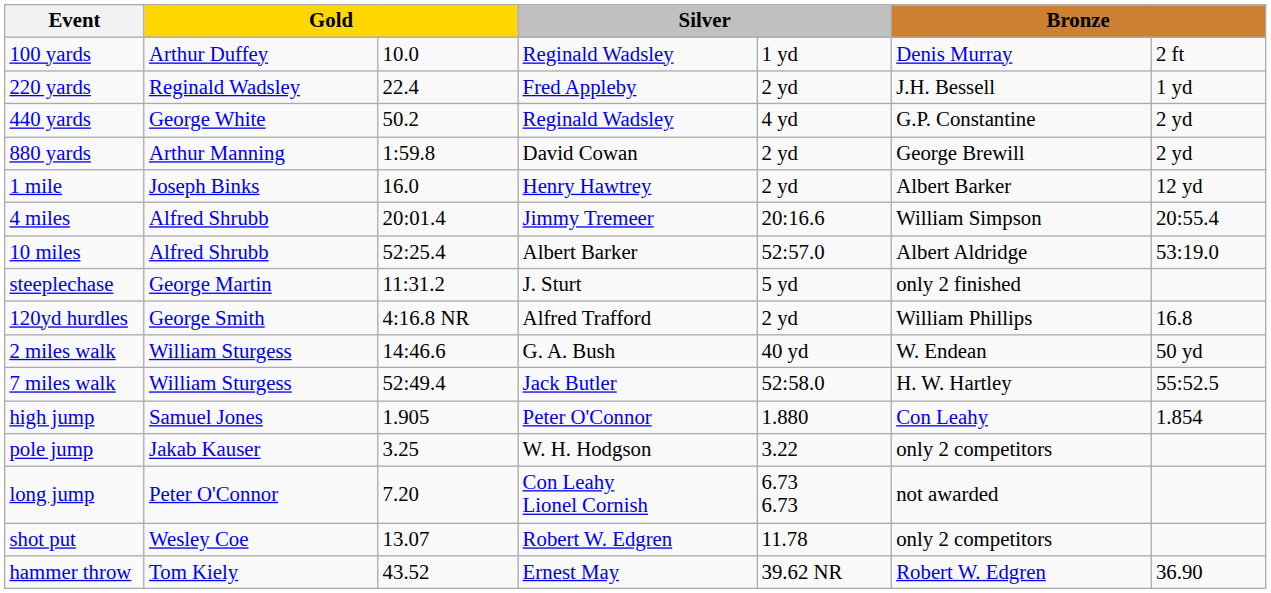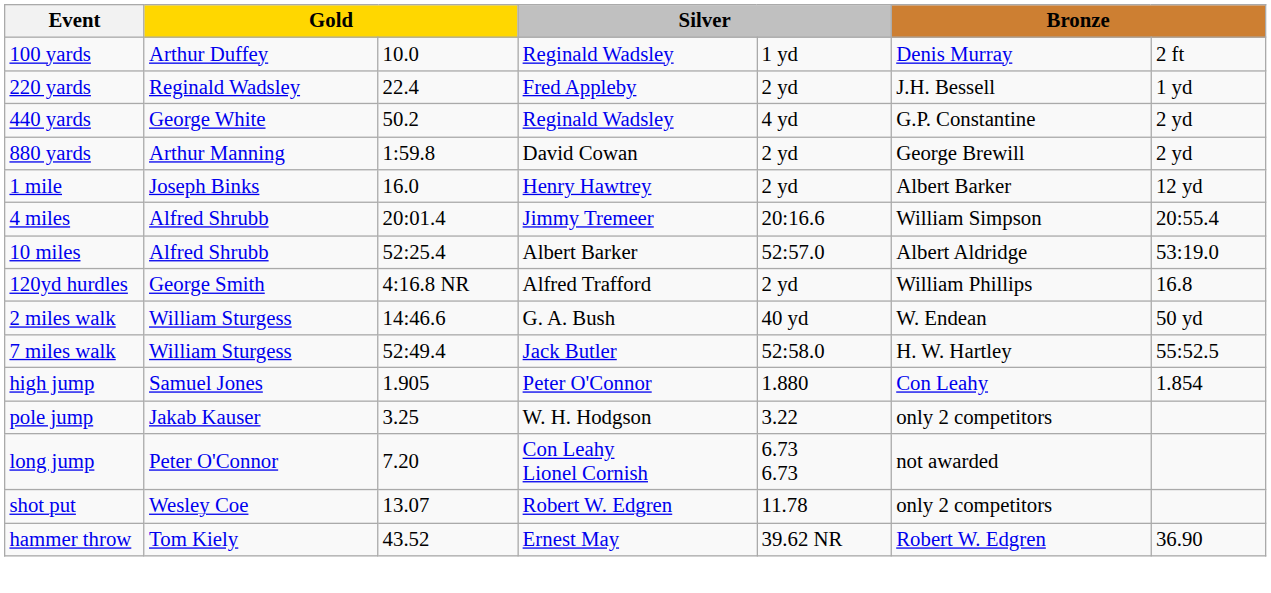 <table class="wikitable" style="text-align:left">
 <tr>
 <th width=100>Event</th>
 <th colspan="2" width="280" style="background:gold;">Gold</th>
 <th colspan="2" width="280" style="background:silver;">Silver</th>
 <th colspan="2" width="280" style="background:#CD7F32;">Bronze</th>
 </tr>
 <tr>
 <td><a href='#'>100 yards</a></td>
 <td> <a href='#'>Arthur Duffey</a></td>
 <td>10.0</td>
 <td><a href='#'>Reginald Wadsley</a></td>
 <td>1 yd</td>
 <td> <a href='#'>Denis Murray</a></td>
 <td>2 ft</td>
 </tr>
 <tr>
 <td><a href='#'>220 yards</a></td>
 <td><a href='#'>Reginald Wadsley</a></td>
 <td>22.4</td>
 <td><a href='#'>Fred Appleby</a></td>
 <td>2 yd</td>
 <td>J.H. Bessell</td>
 <td>1 yd</td>
 </tr>
 <tr>
 <td><a href='#'>440 yards</a></td>
 <td><a href='#'>George White</a></td>
 <td>50.2</td>
 <td><a href='#'>Reginald Wadsley</a></td>
 <td>4 yd</td>
 <td>G.P. Constantine</td>
 <td>2 yd</td>
 </tr>
 <tr>
 <td><a href='#'>880 yards</a></td>
 <td><a href='#'>Arthur Manning</a></td>
 <td>1:59.8</td>
 <td>David Cowan</td>
 <td>2 yd</td>
 <td>George Brewill</td>
 <td>2 yd</td>
 </tr>
 <tr>
 <td><a href='#'>1 mile</a></td>
 <td><a href='#'>Joseph Binks</a></td>
 <td>16.0</td>
 <td><a href='#'>Henry Hawtrey</a></td>
 <td>2 yd</td>
 <td>Albert Barker</td>
 <td>12 yd</td>
 </tr>
 <tr>
 <td><a href='#'>4 miles</a></td>
 <td><a href='#'>Alfred Shrubb</a></td>
 <td>20:01.4</td>
 <td><a href='#'>Jimmy Tremeer</a></td>
 <td>20:16.6</td>
 <td> William Simpson</td>
 <td>20:55.4</td>
 </tr>
 <tr>
 <td><a href='#'>10 miles</a></td>
 <td><a href='#'>Alfred Shrubb</a></td>
 <td>52:25.4</td>
 <td>Albert Barker</td>
 <td>52:57.0</td>
 <td>Albert Aldridge</td>
 <td>53:19.0</td>
-</tr>
-<tr>
-<td><a href='#'>steeplechase</a></td>
-<td><a href='#'>George Martin</a></td>
-<td>11:31.2</td>
-<td>J. Sturt</td>
-<td>5 yd</td>
-<td>only 2 finished</td>
-<td></td>
 </tr>
 <tr>
 <td><a href='#'>120yd hurdles</a></td>
 <td> <a href='#'>George Smith</a></td>
 <td>4:16.8 NR</td>
 <td>Alfred Trafford</td>
 <td>2 yd</td>
 <td>William Phillips</td>
 <td>16.8</td>
 </tr>
 <tr>
 <td><a href='#'>2 miles walk</a></td>
 <td><a href='#'>William Sturgess</a></td>
 <td>14:46.6</td>
 <td>G. A. Bush</td>
 <td>40 yd</td>
 <td>W. Endean</td>
 <td>50 yd</td>
 </tr>
 <tr>
 <td><a href='#'>7 miles walk</a></td>
 <td><a href='#'>William Sturgess</a></td>
 <td>52:49.4</td>
 <td><a href='#'>Jack Butler</a></td>
 <td>52:58.0</td>
 <td>H. W. Hartley</td>
 <td>55:52.5</td>
 </tr>
 <tr>
 <td><a href='#'>high jump</a></td>
 <td> <a href='#'>Samuel Jones</a></td>
 <td>1.905</td>
 <td> <a href='#'>Peter O'Connor</a></td>
 <td>1.880</td>
 <td> <a href='#'>Con Leahy</a></td>
 <td>1.854</td>
 </tr>
 <tr>
 <td><a href='#'>pole jump</a></td>
 <td> <a href='#'>Jakab Kauser</a></td>
 <td>3.25</td>
 <td>W. H. Hodgson</td>
 <td>3.22</td>
 <td>only 2 competitors</td>
 <td></td>
 </tr>
 <tr>
 <td><a href='#'>long jump</a></td>
 <td> <a href='#'>Peter O'Connor</a></td>
 <td>7.20</td>
 <td> <a href='#'>Con Leahy</a> <br><a href='#'>Lionel Cornish</a></td>
 <td>6.73<br>6.73</td>
 <td>not awarded</td>
 <td></td>
 </tr>
 <tr>
 <td><a href='#'>shot put</a></td>
 <td> <a href='#'>Wesley Coe</a></td>
 <td>13.07</td>
 <td> <a href='#'>Robert W. Edgren</a></td>
 <td>11.78</td>
 <td>only 2 competitors</td>
 <td></td>
 </tr>
 <tr>
 <td><a href='#'>hammer throw</a></td>
 <td> <a href='#'>Tom Kiely</a></td>
 <td>43.52</td>
 <td><a href='#'>Ernest May</a></td>
 <td>39.62 NR</td>
 <td> <a href='#'>Robert W. Edgren</a></td>
 <td>36.90</td>
 </tr>
 </table>
